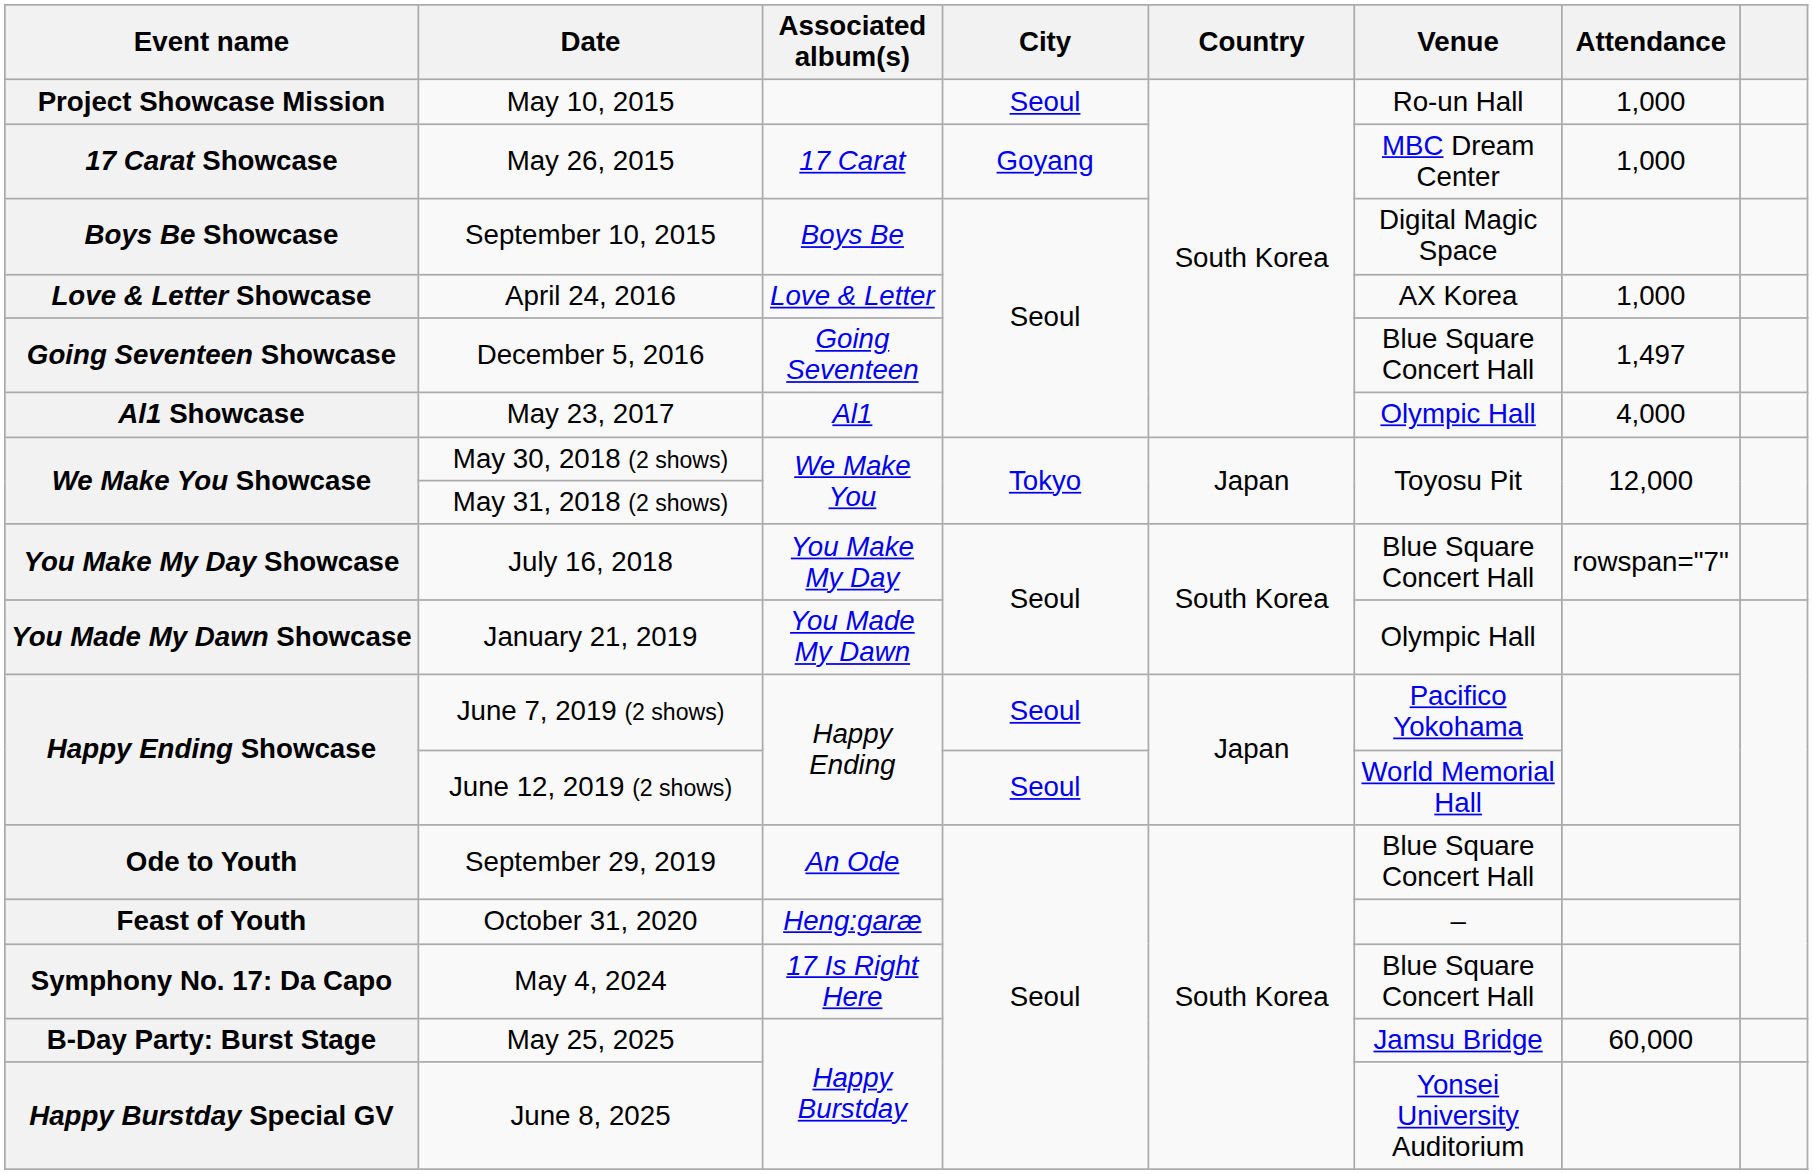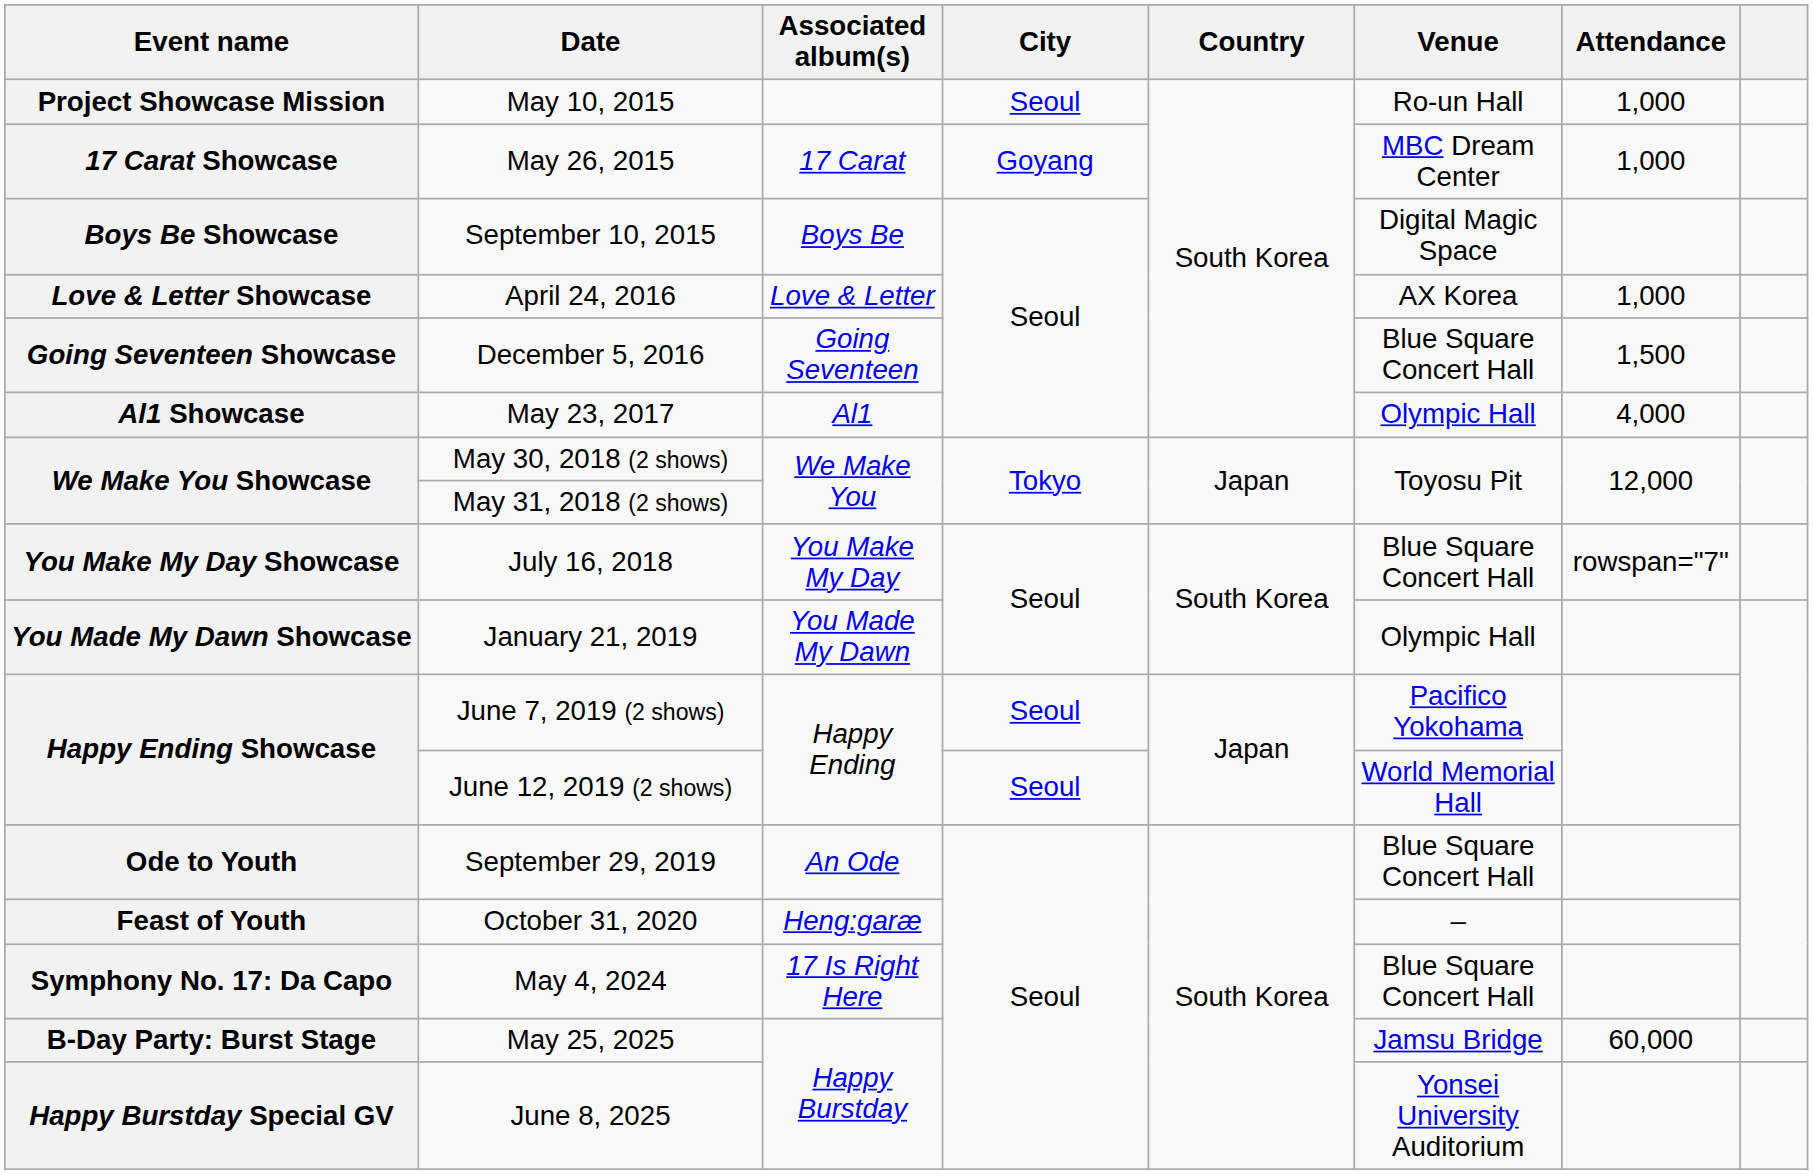 <table class="wikitable plainrowheaders" style="text-align:center;">
 <tr>
 <th scope="col">Event name</th>
 <th scope="col" style="width:12em;">Date</th>
 <th scope="col" style="width:6em;">Associated album(s)</th>
 <th scope="col" style="width:7em;">City</th>
 <th scope="col" style="width:7em;">Country</th>
 <th scope="col" style="width:7em;">Venue</th>
 <th scope="col" style="width:6em;">Attendance</th>
 <th scope="col" style="width:2em;"></th>
 </tr>
 <tr>
 <th scope="row">Project Showcase Mission</th>
 <td>May 10, 2015</td>
 <td></td>
 <td><a href='#'>Seoul</a></td>
 <td rowspan="6">South Korea</td>
 <td>Ro-un Hall</td>
 <td>1,000</td>
 <td></td>
 </tr>
 <tr>
 <th scope="row"><em>17 Carat</em> Showcase</th>
 <td>May 26, 2015</td>
 <td><em><a href='#'>17 Carat</a></em></td>
 <td><a href='#'>Goyang</a></td>
 <td><a href='#'>MBC</a> Dream Center</td>
 <td>1,000</td>
 <td></td>
 </tr>
 <tr>
 <th scope="row"><em>Boys Be</em> Showcase</th>
 <td>September 10, 2015</td>
 <td><em><a href='#'>Boys Be</a></em></td>
 <td rowspan="4">Seoul</td>
 <td>Digital Magic Space</td>
 <td></td>
 <td></td>
 </tr>
 <tr>
 <th scope="row"><em>Love & Letter</em> Showcase</th>
 <td>April 24, 2016</td>
 <td><em><a href='#'>Love & Letter</a></em></td>
 <td>AX Korea</td>
 <td>1,000</td>
 <td></td>
 </tr>
 <tr>
 <th scope="row"><em>Going Seventeen</em> Showcase</th>
 <td>December 5, 2016</td>
 <td><em><a href='#'>Going Seventeen</a></em></td>
 <td>Blue Square Concert Hall</td>
-<td>1,497</td>
+<td>1,500</td>
 <td></td>
 </tr>
 <tr>
 <th scope="row"><em>Al1</em> Showcase</th>
 <td>May 23, 2017</td>
 <td><em><a href='#'>Al1</a></em></td>
 <td><a href='#'>Olympic Hall</a></td>
 <td>4,000</td>
 <td></td>
 </tr>
 <tr>
 <th scope="row" rowspan="2"><em>We Make You</em> Showcase</th>
 <td>May 30, 2018 <small>(2 shows)</small></td>
 <td rowspan="2"><em><a href='#'>We Make You</a></em></td>
 <td rowspan="2"><a href='#'>Tokyo</a></td>
 <td rowspan="2">Japan</td>
 <td rowspan="2">Toyosu Pit</td>
 <td rowspan="2">12,000</td>
 <td rowspan="2"></td>
 </tr>
 <tr>
 <td>May 31, 2018 <small>(2 shows)</small></td>
 </tr>
 <tr>
 <th scope="row"><em>You Make My Day</em> Showcase</th>
 <td>July 16, 2018</td>
 <td><em><a href='#'>You Make My Day</a></em></td>
 <td rowspan="2">Seoul</td>
 <td rowspan="2">South Korea</td>
 <td>Blue Square Concert Hall</td>
 <td>rowspan="7" </td>
 <td></td>
 </tr>
 <tr>
 <th scope="row"><em>You Made My Dawn</em> Showcase</th>
 <td>January 21, 2019</td>
 <td><em><a href='#'>You Made My Dawn</a></em></td>
 <td>Olympic Hall</td>
 <td></td>
 </tr>
 <tr>
 <th scope="row" rowspan="2"><em>Happy Ending</em> Showcase</th>
 <td>June 7, 2019 <small>(2 shows)</small></td>
 <td rowspan="2"><em>Happy Ending</em></td>
 <td><a href='#'>Seoul</a></td>
 <td rowspan="2">Japan</td>
 <td><a href='#'>Pacifico Yokohama</a></td>
 <td rowspan="2"></td>
 </tr>
 <tr>
 <td>June 12, 2019 <small>(2 shows)</small></td>
 <td><a href='#'>Seoul</a></td>
 <td><a href='#'>World Memorial Hall</a></td>
 </tr>
 <tr>
 <th scope="row">Ode to Youth</th>
 <td>September 29, 2019</td>
 <td><em><a href='#'>An Ode</a></em></td>
 <td rowspan="5">Seoul</td>
 <td rowspan="5">South Korea</td>
 <td>Blue Square Concert Hall</td>
 <td></td>
 </tr>
 <tr>
 <th scope="row">Feast of Youth</th>
 <td>October 31, 2020</td>
 <td><em><a href='#'>Heng:garæ</a></em></td>
 <td>–</td>
 <td></td>
 </tr>
 <tr>
 <th scope="row">Symphony No. 17: Da Capo</th>
 <td>May 4, 2024</td>
 <td><em><a href='#'>17 Is Right Here</a></em></td>
 <td>Blue Square Concert Hall</td>
 <td></td>
 </tr>
 <tr>
 <th scope="row">B-Day Party: Burst Stage</th>
 <td>May 25, 2025</td>
 <td rowspan="2"><em><a href='#'>Happy Burstday</a></em></td>
 <td><a href='#'>Jamsu Bridge</a></td>
 <td>60,000</td>
 <td></td>
 </tr>
 <tr>
 <th scope="row"><em>Happy Burstday</em> Special GV</th>
 <td>June 8, 2025</td>
 <td><a href='#'>Yonsei University</a> Auditorium</td>
 <td></td>
 <td></td>
 </tr>
 </table>
